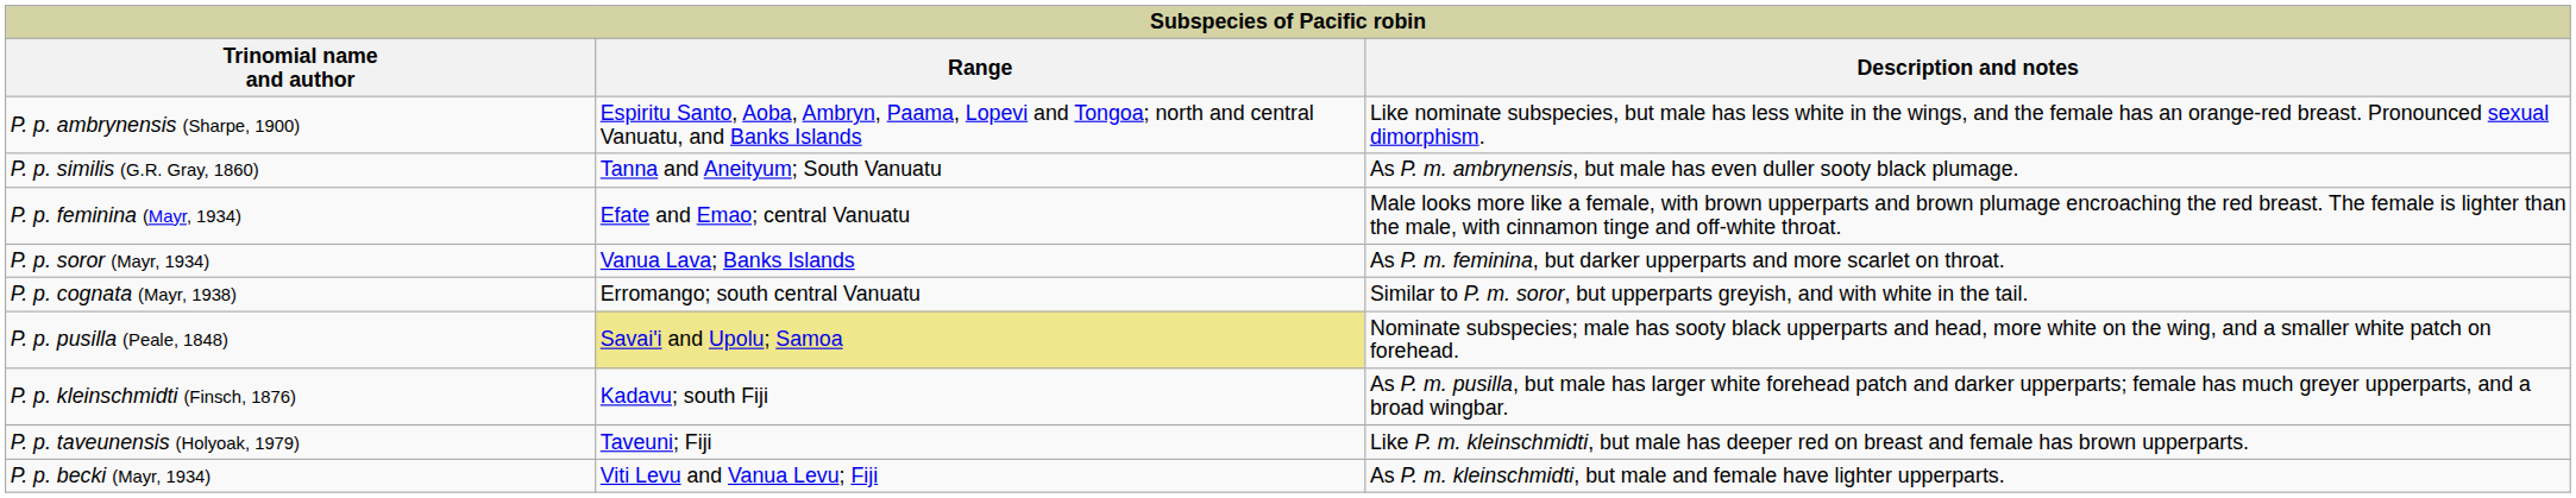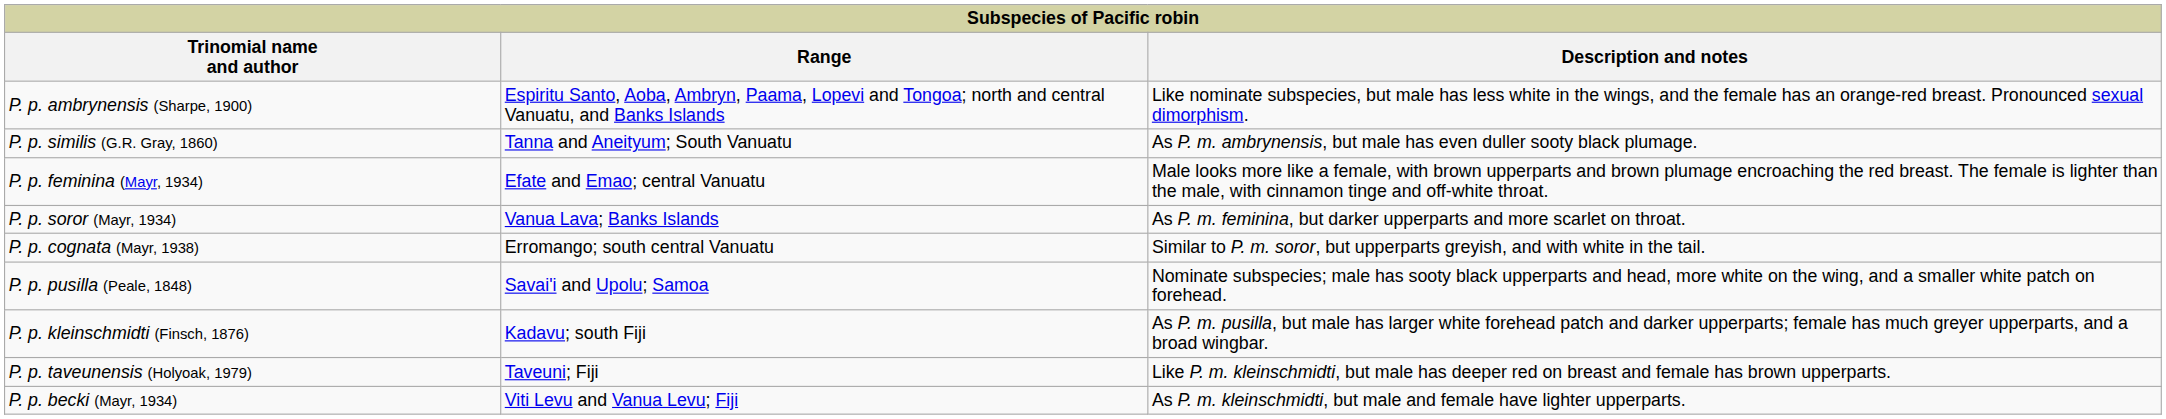 <table style="width:98%;" class="wikitable">
 <tr>
 <th style="text-align:center; background:#d3d3a4;" colspan="4"><strong>Subspecies of Pacific robin</strong></th>
 </tr>
 <tr>
 <th style="width:23%; text-align:center;">Trinomial name<br> and author</th>
 <th style="width:30%; text-align:center;">Range</th>
 <th style="text-align:center;">Description and notes</th>
 </tr>
 <tr>
 <td><em>P. p. ambrynensis</em> <small>(Sharpe, 1900)</small></td>
 <td><a href='#'>Espiritu Santo</a>, <a href='#'>Aoba</a>, <a href='#'>Ambryn</a>, <a href='#'>Paama</a>, <a href='#'>Lopevi</a> and <a href='#'>Tongoa</a>; north and central Vanuatu, and <a href='#'>Banks Islands</a></td>
 <td>Like nominate subspecies, but male has less white in the wings, and the female has an orange-red breast. Pronounced <a href='#'>sexual dimorphism</a>.</td>
 </tr>
 <tr>
 <td><em>P. p. similis</em> <small>(G.R. Gray, 1860)</small></td>
 <td><a href='#'>Tanna</a> and <a href='#'>Aneityum</a>; South Vanuatu</td>
 <td>As <em>P. m. ambrynensis</em>, but male has even duller sooty black plumage.</td>
 </tr>
 <tr>
 <td><em>P. p. feminina</em> <small>(<a href='#'>Mayr</a>, 1934)</small></td>
 <td><a href='#'>Efate</a> and <a href='#'>Emao</a>; central Vanuatu</td>
 <td>Male looks more like a female, with brown upperparts and brown plumage encroaching the red breast. The female is lighter than the male, with cinnamon tinge and off-white throat.</td>
 </tr>
 <tr>
 <td><em>P. p. soror</em> <small>(Mayr, 1934)</small></td>
 <td><a href='#'>Vanua Lava</a>; <a href='#'>Banks Islands</a></td>
 <td>As <em>P. m. feminina</em>, but darker upperparts and more scarlet on throat.</td>
 </tr>
 <tr>
 <td><em>P. p. cognata</em> <small>(Mayr, 1938)</small></td>
 <td>Erromango; south central Vanuatu</td>
 <td>Similar to <em>P. m. soror</em>, but upperparts greyish, and with white in the tail.</td>
 </tr>
 <tr>
 <td><em>P. p. pusilla</em> <small>(Peale, 1848)</small></td>
-<td style="background: khaki;"><a href='#'>Savai'i</a> and <a href='#'>Upolu</a>; <a href='#'>Samoa</a></td>
+<td><a href='#'>Savai'i</a> and <a href='#'>Upolu</a>; <a href='#'>Samoa</a></td>
 <td>Nominate subspecies; male has sooty black upperparts and head, more white on the wing, and a smaller white patch on forehead.</td>
 </tr>
 <tr>
 <td><em>P. p. kleinschmidti</em> <small>(Finsch, 1876)</small></td>
 <td><a href='#'>Kadavu</a>; south Fiji</td>
 <td>As <em>P. m. pusilla</em>, but male has larger white forehead patch and darker upperparts; female has much greyer upperparts, and a broad wingbar.</td>
 </tr>
 <tr>
 <td><em>P. p. taveunensis</em> <small>(Holyoak, 1979)</small></td>
 <td><a href='#'>Taveuni</a>; Fiji</td>
 <td>Like <em>P. m. kleinschmidti</em>, but male has deeper red on breast and female has brown upperparts.</td>
 </tr>
 <tr>
 <td><em>P. p. becki</em> <small>(Mayr, 1934)</small></td>
 <td><a href='#'>Viti Levu</a> and <a href='#'>Vanua Levu</a>; <a href='#'>Fiji</a></td>
 <td>As <em>P. m. kleinschmidti</em>, but male and female have lighter upperparts.</td>
 </tr>
 </table>
